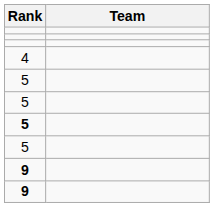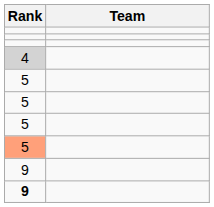 <table class="wikitable" style="text-align: center; font-size:90% ">
 <tr>
 <th width=35>Rank</th>
 <th width=160>Team</th>
 </tr>
 <tr>
 <td></td>
 <td align=left></td>
 </tr>
 <tr>
 <td></td>
 <td align=left></td>
 </tr>
 <tr>
 <td></td>
 <td align=left></td>
 </tr>
 <tr>
-<td>4</td>
+<td style="background: lightgrey;">4</td>
 <td align=left></td>
 </tr>
 <tr>
 <td>5</td>
 <td align=left></td>
 </tr>
 <tr>
 <td>5</td>
 <td align=left></td>
 </tr>
 <tr>
-<td><strong>5</strong></td>
-<td align=left></td>
-</tr>
-<tr>
 <td>5</td>
 <td align=left></td>
 </tr>
 <tr>
-<td><strong>9</strong></td>
+<td style="background: lightsalmon;">5</td>
+<td align=left></td>
+</tr>
+<tr>
+<td>9</td>
 <td align=left></td>
 </tr>
 <tr>
 <td><strong>9</strong></td>
 <td align=left></td>
 </tr>
 </table>
